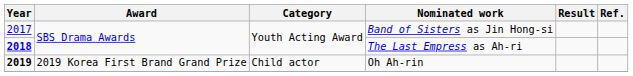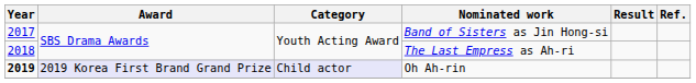 <table class="wikitable">
 <tr>
 <th>Year</th>
 <th>Award</th>
 <th>Category</th>
 <th>Nominated work</th>
 <th>Result</th>
 <th>Ref.</th>
 </tr>
 <tr>
 <td><a href='#'>2017</a></td>
 <td rowspan=2><a href='#'>SBS Drama Awards</a></td>
 <td rowspan=2>Youth Acting Award</td>
 <td><em><a href='#'>Band of Sisters</a></em> as Jin Hong-si</td>
 <td></td>
 <td></td>
 </tr>
 <tr>
-<td><strong><a href='#'>2018</a></strong></td>
+<td><a href='#'>2018</a></td>
 <td><em><a href='#'>The Last Empress</a></em> as Ah-ri</td>
 <td></td>
 <td></td>
 </tr>
 <tr>
 <td><strong>2019</strong></td>
-<td>2019 Korea First Brand Grand Prize</td>
-<td>Child actor</td>
+<td style="background: lavender;">2019 Korea First Brand Grand Prize</td>
+<td style="background: lavender;">Child actor</td>
 <td>Oh Ah-rin</td>
 <td></td>
 <td></td>
 </tr>
 <tr>
 </tr>
 </table>
